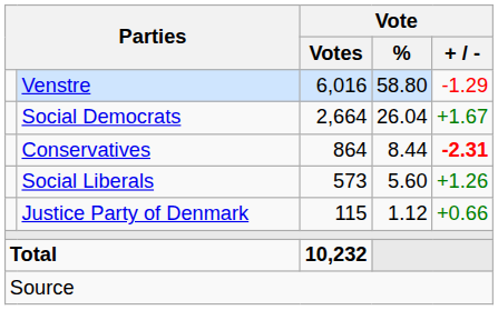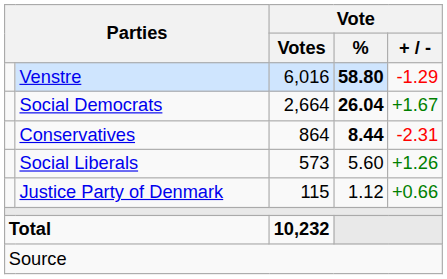 <table class="wikitable" style="text-align:right;">
 <tr>
 <th style="text-align:centre;" rowspan="2" colspan="2" width="225">Parties</th>
 <th colspan="3">Vote</th>
 </tr>
 <tr>
 <th width="15">Votes</th>
 <th width="15">%</th>
 <th width="15">+ / -</th>
 </tr>
 <tr>
 <td width="2" style="color:inherit;background:"></td>
 <td bgcolor=#cfe5fe  align="left"><a href='#'>Venstre</a></td>
 <td bgcolor=#cfe5fe>6,016</td>
-<td bgcolor=#cfe5fe>58.80</td>
+<td bgcolor=#cfe5fe><strong>58.80</strong></td>
 <td style=color:red;>-1.29</td>
 </tr>
 <tr>
 <td width="2" style="color:inherit;background:"></td>
 <td align="left"><a href='#'>Social Democrats</a></td>
 <td>2,664</td>
-<td>26.04</td>
+<td><strong>26.04</strong></td>
 <td style=color:green;>+1.67</td>
 </tr>
 <tr>
 <td width="2" style="color:inherit;background:"></td>
 <td align="left"><a href='#'>Conservatives</a></td>
 <td>864</td>
-<td>8.44</td>
-<td style=color:red;><strong>-2.31</strong></td>
+<td><strong>8.44</strong></td>
+<td style=color:red;>-2.31</td>
 </tr>
 <tr>
 <td width="2" style="color:inherit;background:"></td>
 <td align="left"><a href='#'>Social Liberals</a></td>
 <td>573</td>
 <td>5.60</td>
 <td style=color:green;>+1.26</td>
 </tr>
 <tr>
 <td width="2" style="color:inherit;background:"></td>
 <td align="left"><a href='#'>Justice Party of Denmark</a></td>
 <td>115</td>
 <td>1.12</td>
 <td style=color:green;>+0.66</td>
 </tr>
 <tr>
 <td colspan="7" bgcolor="#E9E9E9"></td>
 </tr>
 <tr>
 <td align="left" colspan="2"><strong>Total</strong></td>
 <td><strong>10,232</strong></td>
 <td bgcolor="#E9E9E9" colspan="2"></td>
 </tr>
 <tr>
 <td align="left" colspan="6">Source</td>
 </tr>
 </table>
